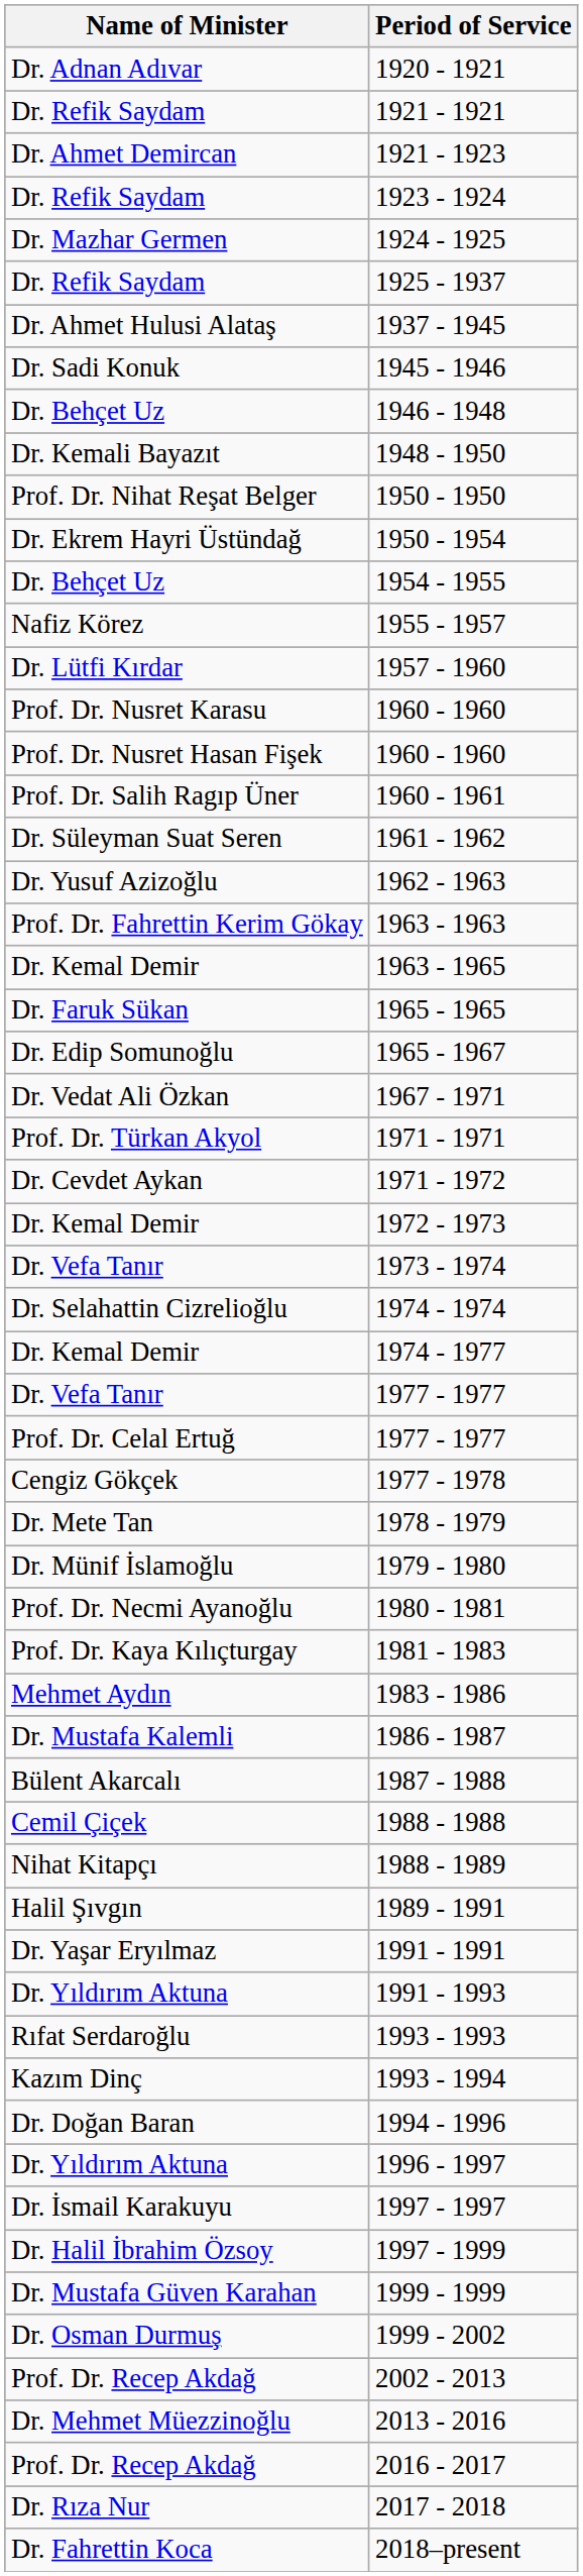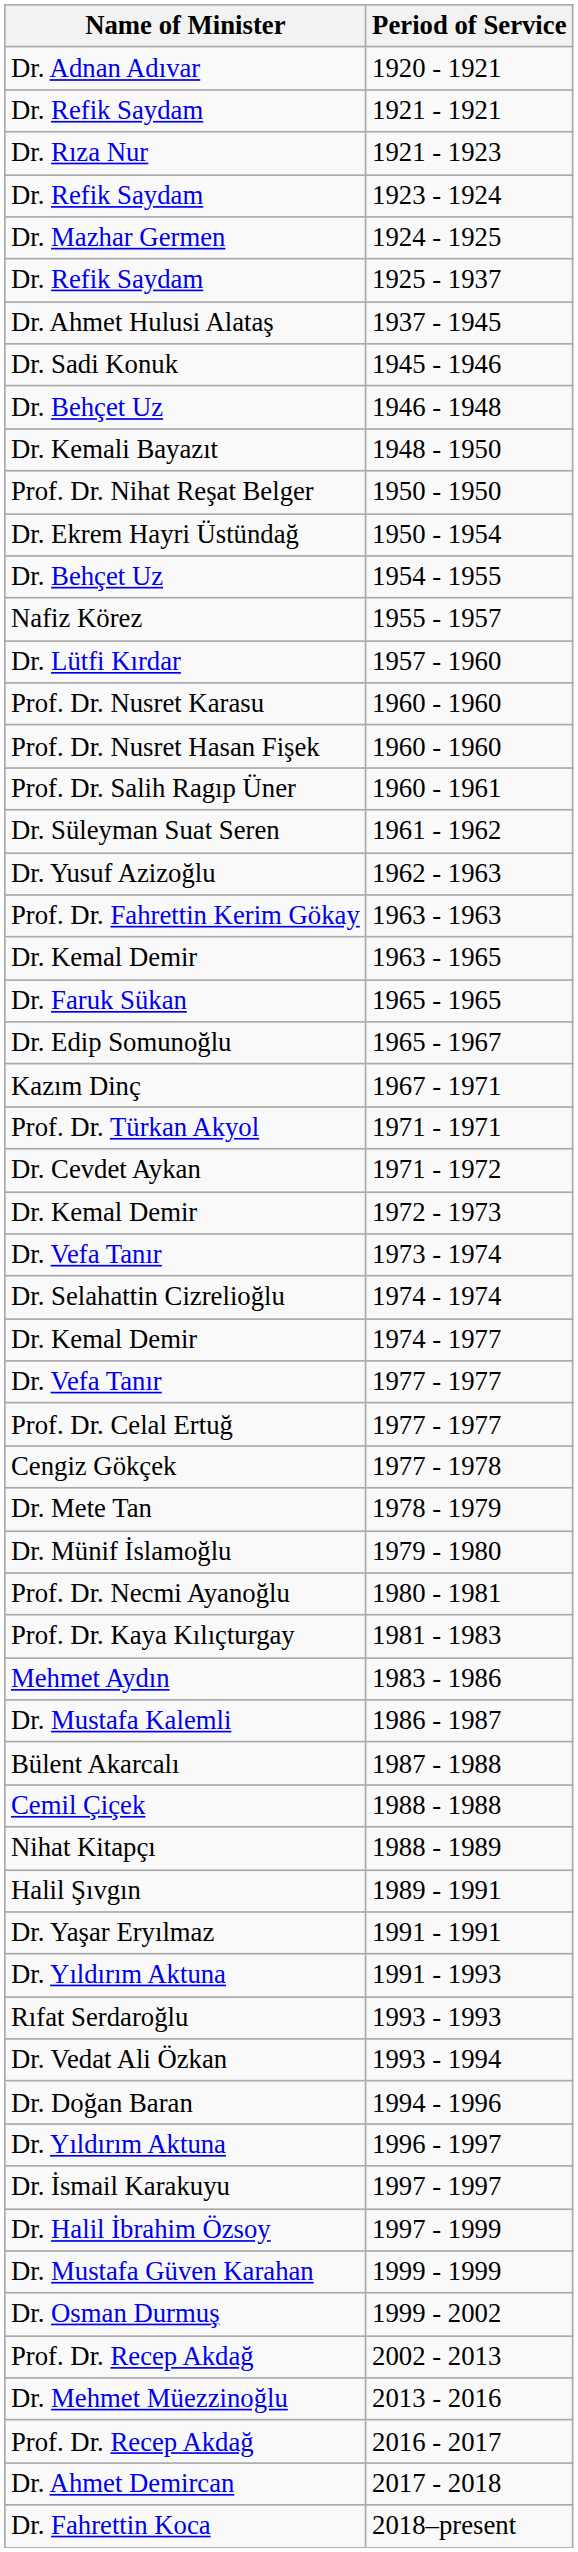 <table class="wikitable">
 <tr>
 <th>Name of Minister</th>
 <th>Period of Service</th>
 </tr>
 <tr>
 <td>Dr. <a href='#'>Adnan Adıvar</a></td>
 <td>1920 - 1921</td>
 </tr>
 <tr>
 <td>Dr. <a href='#'>Refik Saydam</a></td>
 <td>1921 - 1921</td>
 </tr>
 <tr>
-<td>Dr. <a href='#'>Ahmet Demircan</a></td>
+<td>Dr. <a href='#'>Rıza Nur</a></td>
 <td>1921 - 1923</td>
 </tr>
 <tr>
 <td>Dr. <a href='#'>Refik Saydam</a></td>
 <td>1923 - 1924</td>
 </tr>
 <tr>
 <td>Dr. <a href='#'>Mazhar Germen</a></td>
 <td>1924 - 1925</td>
 </tr>
 <tr>
 <td>Dr. <a href='#'>Refik Saydam</a></td>
 <td>1925 - 1937</td>
 </tr>
 <tr>
 <td>Dr. Ahmet Hulusi Alataş</td>
 <td>1937 - 1945</td>
 </tr>
 <tr>
 <td>Dr. Sadi Konuk</td>
 <td>1945 - 1946</td>
 </tr>
 <tr>
 <td>Dr. <a href='#'>Behçet Uz</a></td>
 <td>1946 - 1948</td>
 </tr>
 <tr>
 <td>Dr. Kemali Bayazıt</td>
 <td>1948 - 1950</td>
 </tr>
 <tr>
 <td>Prof. Dr. Nihat Reşat Belger</td>
 <td>1950 - 1950</td>
 </tr>
 <tr>
 <td>Dr. Ekrem Hayri Üstündağ</td>
 <td>1950 - 1954</td>
 </tr>
 <tr>
 <td>Dr. <a href='#'>Behçet Uz</a></td>
 <td>1954 - 1955</td>
 </tr>
 <tr>
 <td>Nafiz Körez</td>
 <td>1955 - 1957</td>
 </tr>
 <tr>
 <td>Dr. <a href='#'>Lütfi Kırdar</a></td>
 <td>1957 - 1960</td>
 </tr>
 <tr>
 <td>Prof. Dr. Nusret Karasu</td>
 <td>1960 - 1960</td>
 </tr>
 <tr>
 <td>Prof. Dr. Nusret Hasan Fişek</td>
 <td>1960 - 1960</td>
 </tr>
 <tr>
 <td>Prof. Dr. Salih Ragıp Üner</td>
 <td>1960 - 1961</td>
 </tr>
 <tr>
 <td>Dr. Süleyman Suat Seren</td>
 <td>1961 - 1962</td>
 </tr>
 <tr>
 <td>Dr. Yusuf Azizoğlu</td>
 <td>1962 - 1963</td>
 </tr>
 <tr>
 <td>Prof. Dr. <a href='#'>Fahrettin Kerim Gökay</a></td>
 <td>1963 - 1963</td>
 </tr>
 <tr>
 <td>Dr. Kemal Demir</td>
 <td>1963 - 1965</td>
 </tr>
 <tr>
 <td>Dr. <a href='#'>Faruk Sükan</a></td>
 <td>1965 - 1965</td>
 </tr>
 <tr>
 <td>Dr. Edip Somunoğlu</td>
 <td>1965 - 1967</td>
 </tr>
 <tr>
-<td>Dr. Vedat Ali Özkan</td>
+<td>Kazım Dinç</td>
 <td>1967 - 1971</td>
 </tr>
 <tr>
 <td>Prof. Dr. <a href='#'>Türkan Akyol</a></td>
 <td>1971 - 1971</td>
 </tr>
 <tr>
 <td>Dr. Cevdet Aykan</td>
 <td>1971 - 1972</td>
 </tr>
 <tr>
 <td>Dr. Kemal Demir</td>
 <td>1972 - 1973</td>
 </tr>
 <tr>
 <td>Dr. <a href='#'>Vefa Tanır</a></td>
 <td>1973 - 1974</td>
 </tr>
 <tr>
 <td>Dr. Selahattin Cizrelioğlu</td>
 <td>1974 - 1974</td>
 </tr>
 <tr>
 <td>Dr. Kemal Demir</td>
 <td>1974 - 1977</td>
 </tr>
 <tr>
 <td>Dr. <a href='#'>Vefa Tanır</a></td>
 <td>1977 - 1977</td>
 </tr>
 <tr>
 <td>Prof. Dr. Celal Ertuğ</td>
 <td>1977 - 1977</td>
 </tr>
 <tr>
 <td>Cengiz Gökçek</td>
 <td>1977 - 1978</td>
 </tr>
 <tr>
 <td>Dr. Mete Tan</td>
 <td>1978 - 1979</td>
 </tr>
 <tr>
 <td>Dr. Münif İslamoğlu</td>
 <td>1979 - 1980</td>
 </tr>
 <tr>
 <td>Prof. Dr. Necmi Ayanoğlu</td>
 <td>1980 - 1981</td>
 </tr>
 <tr>
 <td>Prof. Dr. Kaya Kılıçturgay</td>
 <td>1981 - 1983</td>
 </tr>
 <tr>
 <td><a href='#'>Mehmet Aydın</a></td>
 <td>1983 - 1986</td>
 </tr>
 <tr>
 <td>Dr. <a href='#'>Mustafa Kalemli</a></td>
 <td>1986 - 1987</td>
 </tr>
 <tr>
 <td>Bülent Akarcalı</td>
 <td>1987 - 1988</td>
 </tr>
 <tr>
 <td><a href='#'>Cemil Çiçek</a></td>
 <td>1988 - 1988</td>
 </tr>
 <tr>
 <td>Nihat Kitapçı</td>
 <td>1988 - 1989</td>
 </tr>
 <tr>
 <td>Halil Şıvgın</td>
 <td>1989 - 1991</td>
 </tr>
 <tr>
 <td>Dr. Yaşar Eryılmaz</td>
 <td>1991 - 1991</td>
 </tr>
 <tr>
 <td>Dr. <a href='#'>Yıldırım Aktuna</a></td>
 <td>1991 - 1993</td>
 </tr>
 <tr>
 <td>Rıfat Serdaroğlu</td>
 <td>1993 - 1993</td>
 </tr>
 <tr>
-<td>Kazım Dinç</td>
+<td>Dr. Vedat Ali Özkan</td>
 <td>1993 - 1994</td>
 </tr>
 <tr>
 <td>Dr. Doğan Baran</td>
 <td>1994 - 1996</td>
 </tr>
 <tr>
 <td>Dr. <a href='#'>Yıldırım Aktuna</a></td>
 <td>1996 - 1997</td>
 </tr>
 <tr>
 <td>Dr. İsmail Karakuyu</td>
 <td>1997 - 1997</td>
 </tr>
 <tr>
 <td>Dr. <a href='#'>Halil İbrahim Özsoy</a></td>
 <td>1997 - 1999</td>
 </tr>
 <tr>
 <td>Dr. <a href='#'>Mustafa Güven Karahan</a></td>
 <td>1999 - 1999</td>
 </tr>
 <tr>
 <td>Dr. <a href='#'>Osman Durmuş</a></td>
 <td>1999 - 2002</td>
 </tr>
 <tr>
 <td>Prof. Dr. <a href='#'>Recep Akdağ</a></td>
 <td>2002 - 2013</td>
 </tr>
 <tr>
 <td>Dr. <a href='#'>Mehmet Müezzinoğlu</a></td>
 <td>2013 - 2016</td>
 </tr>
 <tr>
 <td>Prof. Dr. <a href='#'>Recep Akdağ</a></td>
 <td>2016 - 2017</td>
 </tr>
 <tr>
-<td>Dr. <a href='#'>Rıza Nur</a></td>
+<td>Dr. <a href='#'>Ahmet Demircan</a></td>
 <td>2017 - 2018</td>
 </tr>
 <tr>
 <td>Dr. <a href='#'>Fahrettin Koca</a></td>
 <td>2018–present</td>
 </tr>
 <tr>
 </tr>
 </table>
